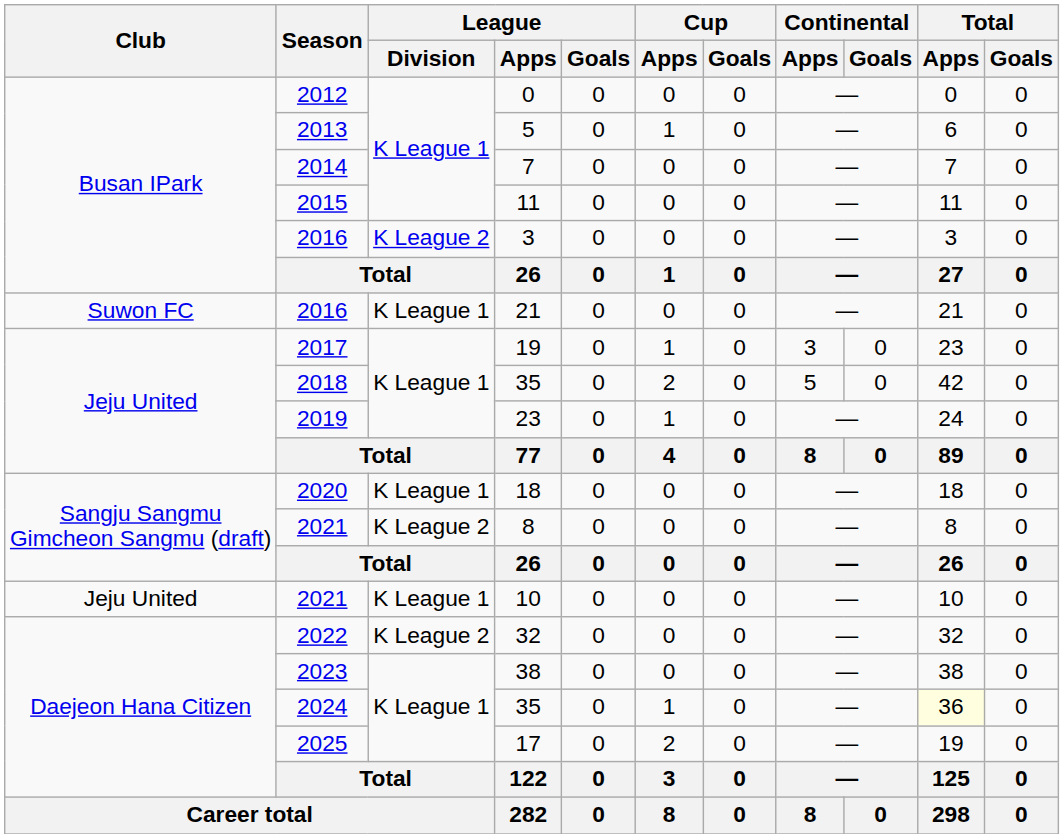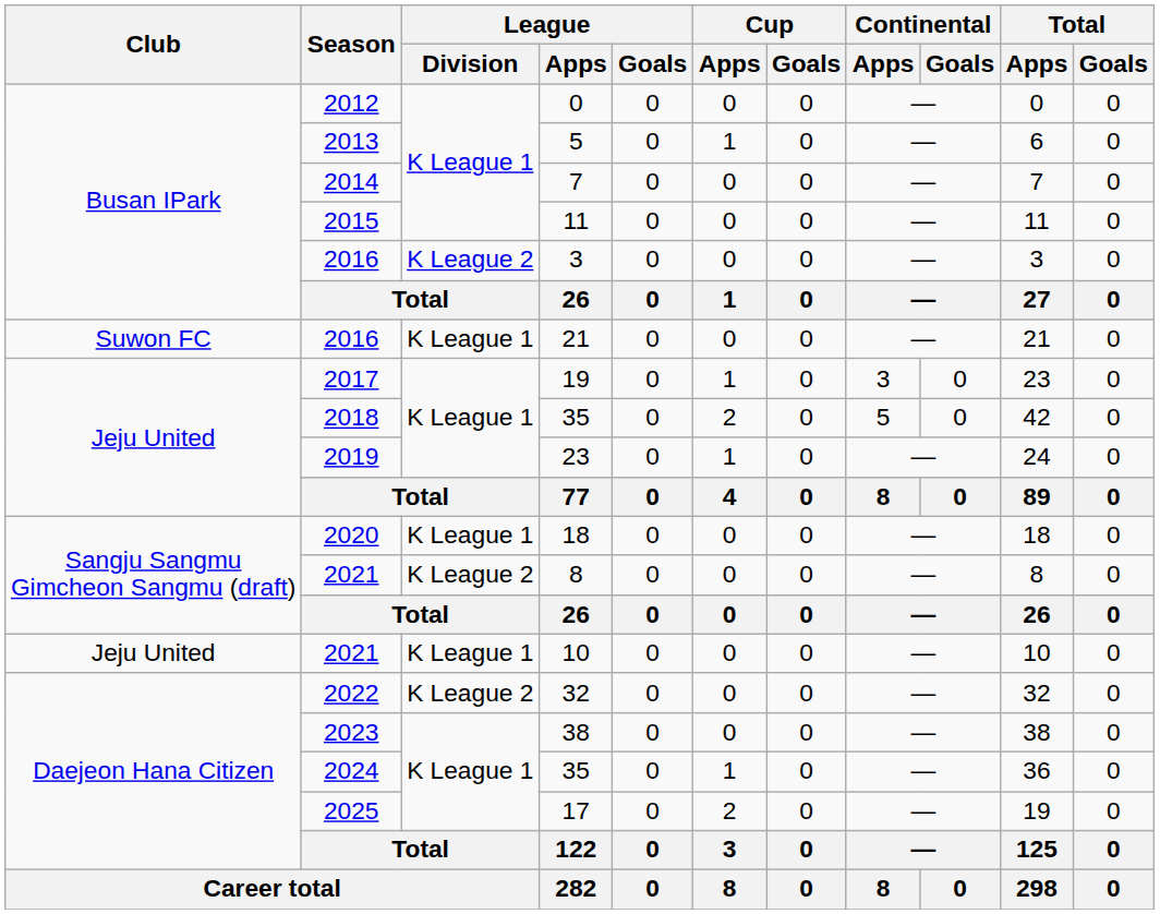 <table class="wikitable" style="text-align:center">
 <tr>
 <th rowspan="2">Club</th>
 <th rowspan="2">Season</th>
 <th colspan="3">League</th>
 <th colspan="2">Cup</th>
 <th colspan="2">Continental</th>
 <th colspan="2">Total</th>
 </tr>
 <tr>
 <th>Division</th>
 <th>Apps</th>
 <th>Goals</th>
 <th>Apps</th>
 <th>Goals</th>
 <th>Apps</th>
 <th>Goals</th>
 <th>Apps</th>
 <th>Goals</th>
 </tr>
 <tr>
 <td rowspan="6"><a href='#'>Busan IPark</a></td>
 <td><a href='#'>2012</a></td>
 <td rowspan="4"><a href='#'>K League 1</a></td>
 <td>0</td>
 <td>0</td>
 <td>0</td>
 <td>0</td>
 <td colspan=2>—</td>
 <td>0</td>
 <td>0</td>
 </tr>
 <tr>
 <td><a href='#'>2013</a></td>
 <td>5</td>
 <td>0</td>
 <td>1</td>
 <td>0</td>
 <td colspan=2>—</td>
 <td>6</td>
 <td>0</td>
 </tr>
 <tr>
 <td><a href='#'>2014</a></td>
 <td>7</td>
 <td>0</td>
 <td>0</td>
 <td>0</td>
 <td colspan=2>—</td>
 <td>7</td>
 <td>0</td>
 </tr>
 <tr>
 <td><a href='#'>2015</a></td>
 <td>11</td>
 <td>0</td>
 <td>0</td>
 <td>0</td>
 <td colspan=2>—</td>
 <td>11</td>
 <td>0</td>
 </tr>
 <tr>
 <td><a href='#'>2016</a></td>
 <td><a href='#'>K League 2</a></td>
 <td>3</td>
 <td>0</td>
 <td>0</td>
 <td>0</td>
 <td colspan=2>—</td>
 <td>3</td>
 <td>0</td>
 </tr>
 <tr>
 <th colspan="2">Total</th>
 <th>26</th>
 <th>0</th>
 <th>1</th>
 <th>0</th>
 <th colspan=2>—</th>
 <th>27</th>
 <th>0</th>
 </tr>
 <tr>
 <td rowspan="1"><a href='#'>Suwon FC</a></td>
 <td><a href='#'>2016</a></td>
 <td>K League 1</td>
 <td>21</td>
 <td>0</td>
 <td>0</td>
 <td>0</td>
 <td colspan=2>—</td>
 <td>21</td>
 <td>0</td>
 </tr>
 <tr>
 <td rowspan="4"><a href='#'>Jeju United</a></td>
 <td><a href='#'>2017</a></td>
 <td rowspan="3">K League 1</td>
 <td>19</td>
 <td>0</td>
 <td>1</td>
 <td>0</td>
 <td>3</td>
 <td>0</td>
 <td>23</td>
 <td>0</td>
 </tr>
 <tr>
 <td><a href='#'>2018</a></td>
 <td>35</td>
 <td>0</td>
 <td>2</td>
 <td>0</td>
 <td>5</td>
 <td>0</td>
 <td>42</td>
 <td>0</td>
 </tr>
 <tr>
 <td><a href='#'>2019</a></td>
 <td>23</td>
 <td>0</td>
 <td>1</td>
 <td>0</td>
 <td colspan="2">—</td>
 <td>24</td>
 <td>0</td>
 </tr>
 <tr>
 <th colspan="2">Total</th>
 <th>77</th>
 <th>0</th>
 <th>4</th>
 <th>0</th>
 <th>8</th>
 <th>0</th>
 <th>89</th>
 <th>0</th>
 </tr>
 <tr>
 <td rowspan="3"><a href='#'>Sangju Sangmu</a><br><a href='#'>Gimcheon Sangmu</a> (<a href='#'>draft</a>)</td>
 <td><a href='#'>2020</a></td>
 <td>K League 1</td>
 <td>18</td>
 <td>0</td>
 <td>0</td>
 <td>0</td>
 <td colspan="2">—</td>
 <td>18</td>
 <td>0</td>
 </tr>
 <tr>
 <td><a href='#'>2021</a></td>
 <td>K League 2</td>
 <td>8</td>
 <td>0</td>
 <td>0</td>
 <td>0</td>
 <td colspan=2>—</td>
 <td>8</td>
 <td>0</td>
 </tr>
 <tr>
 <th colspan="2">Total</th>
 <th>26</th>
 <th>0</th>
 <th>0</th>
 <th>0</th>
 <th colspan=2>—</th>
 <th>26</th>
 <th>0</th>
 </tr>
 <tr>
 <td>Jeju United</td>
 <td><a href='#'>2021</a></td>
 <td>K League 1</td>
 <td>10</td>
 <td>0</td>
 <td>0</td>
 <td>0</td>
 <td colspan="2">—</td>
 <td>10</td>
 <td>0</td>
 </tr>
 <tr>
 <td rowspan="5"><a href='#'>Daejeon Hana Citizen</a></td>
 <td><a href='#'>2022</a></td>
 <td>K League 2</td>
 <td>32</td>
 <td>0</td>
 <td>0</td>
 <td>0</td>
 <td colspan="2">—</td>
 <td>32</td>
 <td>0</td>
 </tr>
 <tr>
 <td><a href='#'>2023</a></td>
 <td rowspan="3">K League 1</td>
 <td>38</td>
 <td>0</td>
 <td>0</td>
 <td>0</td>
 <td colspan="2">—</td>
 <td>38</td>
 <td>0</td>
 </tr>
 <tr>
 <td><a href='#'>2024</a></td>
 <td>35</td>
 <td>0</td>
 <td>1</td>
 <td>0</td>
 <td colspan="2">—</td>
-<td style="background: lightyellow;">36</td>
+<td>36</td>
 <td>0</td>
 </tr>
 <tr>
 <td><a href='#'>2025</a></td>
 <td>17</td>
 <td>0</td>
 <td>2</td>
 <td>0</td>
 <td colspan="2">—</td>
 <td>19</td>
 <td>0</td>
 </tr>
 <tr>
 <th colspan="2">Total</th>
 <th>122</th>
 <th>0</th>
 <th>3</th>
 <th>0</th>
 <th colspan=2>—</th>
 <th>125</th>
 <th>0</th>
 </tr>
 <tr>
 <th colspan="3">Career total</th>
 <th>282</th>
 <th>0</th>
 <th>8</th>
 <th>0</th>
 <th>8</th>
 <th>0</th>
 <th>298</th>
 <th>0</th>
 </tr>
 </table>
